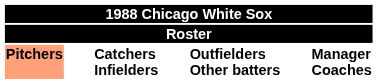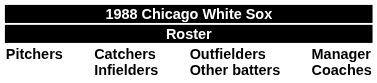 <table class="toccolours" style="font-size: 95%;">
 <tr>
 <th colspan="10" style="background-color: black; color: white; text-align: center;">1988 Chicago White Sox</th>
 </tr>
 <tr>
 <td colspan="10" style="background-color: black; color: white; text-align: center;"><strong>Roster</strong></td>
 </tr>
 <tr>
-<td valign="top" style="background: lightsalmon;"><strong>Pitchers</strong><br>                    </td>
+<td valign="top"><strong>Pitchers</strong><br>                    </td>
 <td width="25px"></td>
 <td valign="top"><strong>Catchers</strong><br>   <strong>Infielders</strong>           </td>
 <td width="25px"></td>
 <td valign="top"><strong>Outfielders</strong><br>        <strong>Other batters</strong> </td>
 <td width="25px"></td>
 <td valign="top"><strong>Manager</strong><br> <strong>Coaches</strong>      </td>
 </tr>
 </table>
